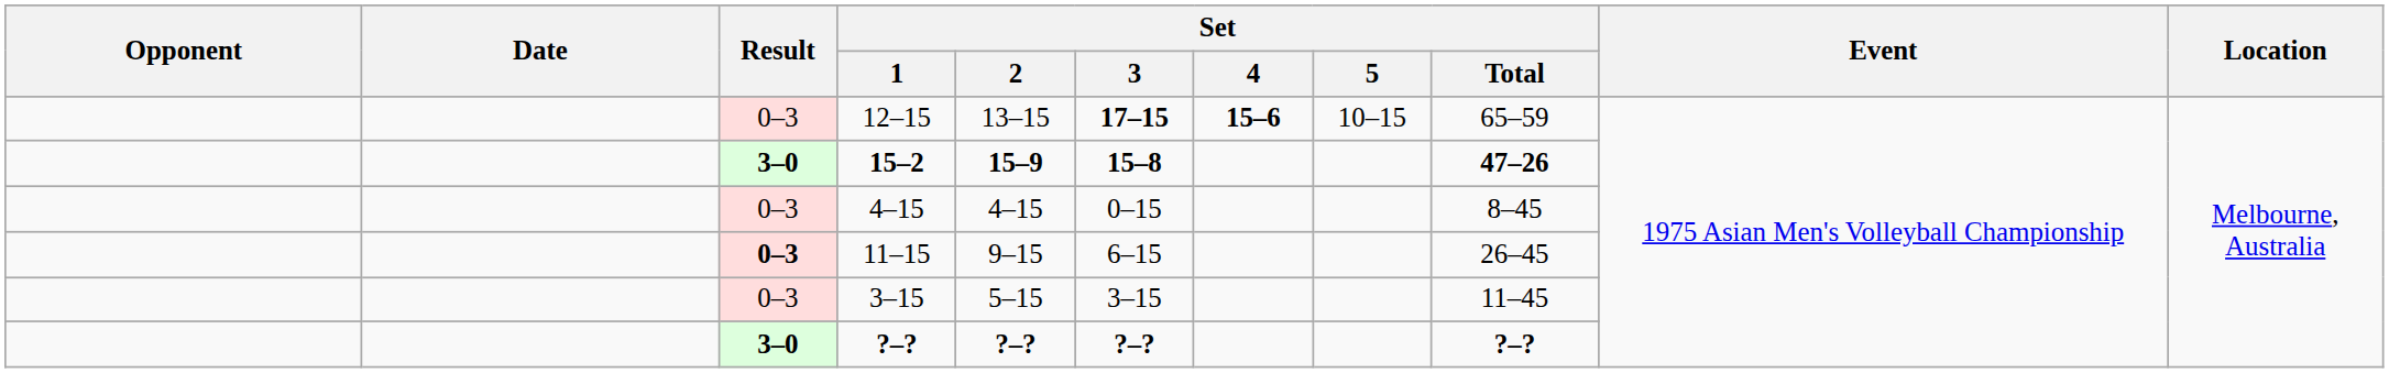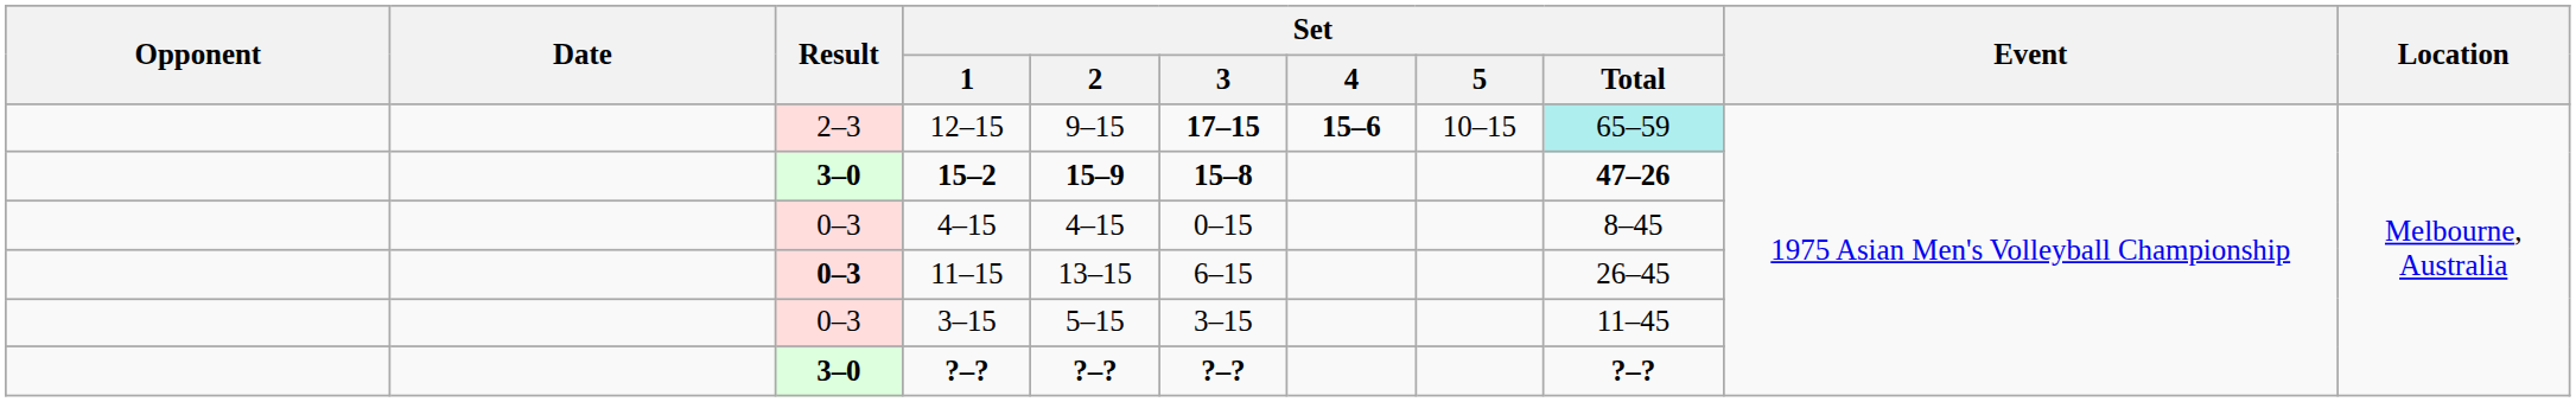 <table class="wikitable" style="font-size: 90%">
 <tr>
 <th rowspan=2 width=15%>Opponent</th>
 <th rowspan=2 width=15%>Date</th>
 <th rowspan=2 width=5%>Result</th>
 <th colspan=6>Set</th>
 <th rowspan=2 width=24%>Event</th>
 <th rowspan=2 width=16%>Location</th>
 </tr>
 <tr>
 <th width=5%>1</th>
 <th width=5%>2</th>
 <th width=5%>3</th>
 <th width=5%>4</th>
 <th width=5%>5</th>
 <th width=7%>Total</th>
 </tr>
 <tr style="text-align:center;">
 <td style="text-align:left;"></td>
 <td></td>
-<td style="background:#ffdddd;">0–3</td>
+<td style="background:#ffdddd;">2–3</td>
 <td>12–15</td>
-<td>13–15</td>
+<td>9–15</td>
 <td><strong>17–15</strong></td>
 <td><strong>15–6</strong></td>
 <td>10–15</td>
-<td>65–59</td>
+<td style="background: paleturquoise;">65–59</td>
 <td rowspan=6><a href='#'>1975 Asian Men's Volleyball Championship</a></td>
 <td rowspan=6><a href='#'>Melbourne</a>, <a href='#'>Australia</a></td>
 </tr>
 <tr style="text-align:center;">
 <td style="text-align:left;"></td>
 <td></td>
 <td style="background:#ddffdd;"><strong>3–0</strong></td>
 <td><strong>15–2</strong></td>
 <td><strong>15–9</strong></td>
 <td><strong>15–8</strong></td>
 <td></td>
 <td></td>
 <td><strong>47–26</strong></td>
 </tr>
 <tr style="text-align:center;">
 <td style="text-align:left;"></td>
 <td></td>
 <td style="background:#ffdddd;">0–3</td>
 <td>4–15</td>
 <td>4–15</td>
 <td>0–15</td>
 <td></td>
 <td></td>
 <td>8–45</td>
 </tr>
 <tr style="text-align:center;">
 <td style="text-align:left;"></td>
 <td></td>
 <td style="background:#ffdddd;"><strong>0–3</strong></td>
 <td>11–15</td>
-<td>9–15</td>
+<td>13–15</td>
 <td>6–15</td>
 <td></td>
 <td></td>
 <td>26–45</td>
 </tr>
 <tr style="text-align:center;">
 <td style="text-align:left;"></td>
 <td></td>
 <td style="background:#ffdddd;">0–3</td>
 <td>3–15</td>
 <td>5–15</td>
 <td>3–15</td>
 <td></td>
 <td></td>
 <td>11–45</td>
 </tr>
 <tr style="text-align:center;">
 <td style="text-align:left;"></td>
 <td></td>
 <td style="background:#ddffdd;"><strong>3–0</strong></td>
 <td><strong>?–?</strong></td>
 <td><strong>?–?</strong></td>
 <td><strong>?–?</strong></td>
 <td></td>
 <td></td>
 <td><strong>?–?</strong></td>
 </tr>
 </table>
